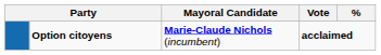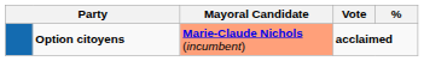 <table border="1" cellpadding="3" cellspacing="0" class="wikitable">
 <tr>
 <th bgcolor="#DDDDFF" width="230px" colspan="2">Party</th>
 <th bgcolor="#DDDDFF" width="200px">Mayoral Candidate</th>
 <th bgcolor="#DDDDFF" width="50px">Vote</th>
 <th bgcolor="#DDDDFF" width="50px">%</th>
 </tr>
 <tr>
 <td bgcolor=#146BB0 width="30px"> </td>
 <td><strong>Option citoyens</strong></td>
-<td><strong><a href='#'>Marie-Claude Nichols</a></strong> (<em>incumbent</em>)</td>
+<td style="background: lightsalmon;"><strong><a href='#'>Marie-Claude Nichols</a></strong> (<em>incumbent</em>)</td>
 <td colspan="2"><strong>acclaimed</strong></td>
 </tr>
 </table>
